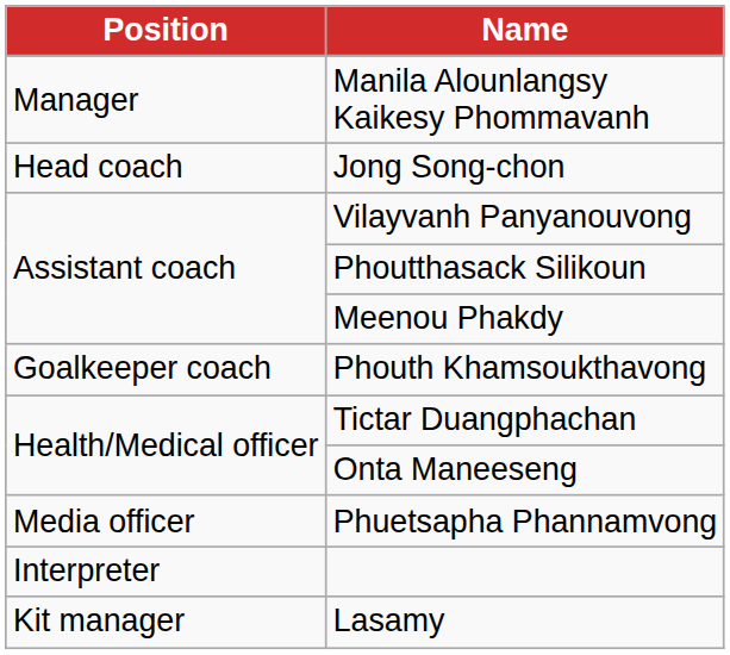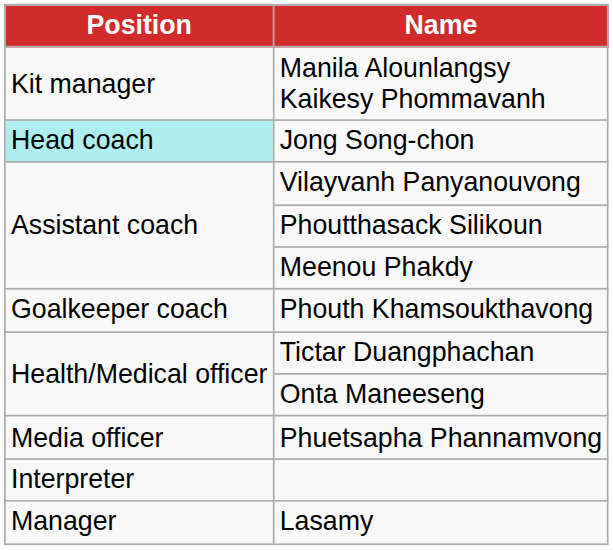 <table class="wikitable">
 <tr>
 <th style="background: #D22B2B; color: #FFFFFF;">Position</th>
 <th style="background: #D22B2B; color: #FFFFFF;">Name</th>
 </tr>
 <tr>
-<td>Manager</td>
+<td>Kit manager</td>
 <td> Manila Alounlangsy <br>  Kaikesy Phommavanh</td>
 </tr>
 <tr>
-<td>Head coach</td>
+<td style="background: paleturquoise;">Head coach</td>
 <td> Jong Song-chon</td>
 </tr>
 <tr>
 <td rowspan="3">Assistant coach</td>
 <td> Vilayvanh Panyanouvong</td>
 </tr>
 <tr>
 <td> Phoutthasack Silikoun</td>
 </tr>
 <tr>
 <td> Meenou Phakdy</td>
 </tr>
 <tr>
 <td>Goalkeeper coach</td>
 <td> Phouth Khamsoukthavong</td>
 </tr>
 <tr>
 <td rowspan="2">Health/Medical officer</td>
 <td> Tictar Duangphachan</td>
 </tr>
 <tr>
 <td> Onta Maneeseng</td>
 </tr>
 <tr>
 <td>Media officer</td>
 <td> Phuetsapha Phannamvong</td>
 </tr>
 <tr>
 <td>Interpreter</td>
 <td></td>
 </tr>
 <tr>
-<td>Kit manager</td>
+<td>Manager</td>
 <td> Lasamy</td>
 </tr>
 </table>
